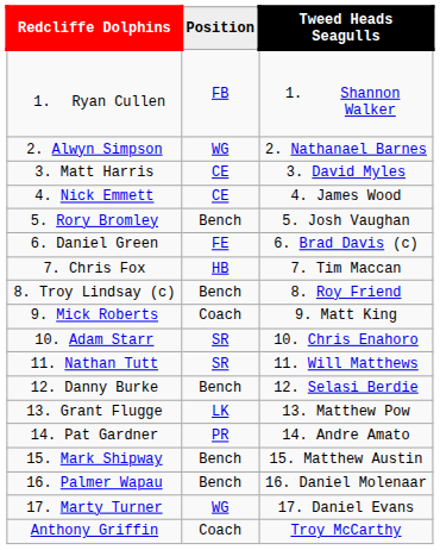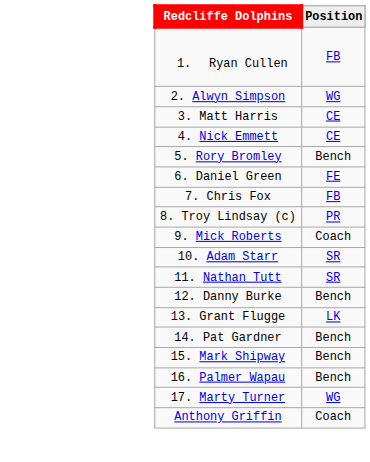 <table class="wikitable" style="float:right; font-size:90%; text-align:center; margin-left:1em;">
 <tr style="background:#f03;">
 <th align="centre" width="136" style="border: 3px solid red; background: red; color: white">Redcliffe Dolphins</th>
 <th align="center" style="background: #eeeeee; color: black">Position</th>
-<th align="centre" width="136" style="border: 3px solid black; background: black; color: white">Tweed Heads Seagulls</th>
 </tr>
 <tr>
 <td><br><ol><li>Ryan Cullen</li></ol></td>
 <td><a href='#'>FB</a></td>
-<td><br><ol><li><a href='#'>Shannon Walker</a></li></ol></td>
 </tr>
 <tr>
 <td>2. <a href='#'>Alwyn Simpson</a></td>
 <td><a href='#'>WG</a></td>
-<td>2. <a href='#'>Nathanael Barnes</a></td>
 </tr>
 <tr>
 <td>3. Matt Harris</td>
 <td><a href='#'>CE</a></td>
-<td>3. <a href='#'>David Myles</a></td>
 </tr>
 <tr>
 <td>4. <a href='#'>Nick Emmett</a></td>
 <td><a href='#'>CE</a></td>
-<td>4. James Wood</td>
 </tr>
 <tr>
 <td>5. <a href='#'>Rory Bromley</a></td>
 <td>Bench</td>
-<td>5. Josh Vaughan</td>
 </tr>
 <tr>
 <td>6. Daniel Green</td>
 <td><a href='#'>FE</a></td>
-<td>6. <a href='#'>Brad Davis</a> (c)</td>
 </tr>
 <tr>
 <td>7. Chris Fox</td>
-<td><a href='#'>HB</a></td>
-<td>7. Tim Maccan</td>
+<td><a href='#'>FB</a></td>
 </tr>
 <tr>
 <td>8. Troy Lindsay (c)</td>
-<td>Bench</td>
-<td>8. <a href='#'>Roy Friend</a></td>
+<td><a href='#'>PR</a></td>
 </tr>
 <tr>
 <td>9. <a href='#'>Mick Roberts</a></td>
 <td>Coach</td>
-<td>9. Matt King</td>
 </tr>
 <tr>
 <td>10. <a href='#'>Adam Starr</a></td>
 <td><a href='#'>SR</a></td>
-<td>10. <a href='#'>Chris Enahoro</a></td>
 </tr>
 <tr>
 <td>11. <a href='#'>Nathan Tutt</a></td>
 <td><a href='#'>SR</a></td>
-<td>11. <a href='#'>Will Matthews</a></td>
 </tr>
 <tr>
 <td>12. Danny Burke</td>
 <td>Bench</td>
-<td>12. <a href='#'>Selasi Berdie</a></td>
 </tr>
 <tr>
 <td>13. Grant Flugge</td>
 <td><a href='#'>LK</a></td>
-<td>13. Matthew Pow</td>
 </tr>
 <tr>
 <td>14. Pat Gardner</td>
-<td><a href='#'>PR</a></td>
-<td>14. Andre Amato</td>
+<td>Bench</td>
 </tr>
 <tr>
 <td>15. <a href='#'>Mark Shipway</a></td>
 <td>Bench</td>
-<td>15. Matthew Austin</td>
 </tr>
 <tr>
 <td>16. <a href='#'>Palmer Wapau</a></td>
 <td>Bench</td>
-<td>16. Daniel Molenaar</td>
 </tr>
 <tr>
 <td>17. <a href='#'>Marty Turner</a></td>
 <td><a href='#'>WG</a></td>
-<td>17. Daniel Evans</td>
 </tr>
 <tr>
 <td><a href='#'>Anthony Griffin</a></td>
 <td>Coach</td>
-<td><a href='#'>Troy McCarthy</a></td>
 </tr>
 </table>
